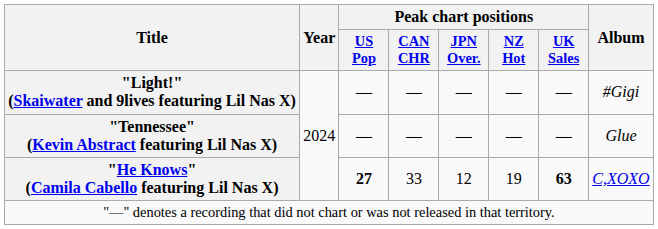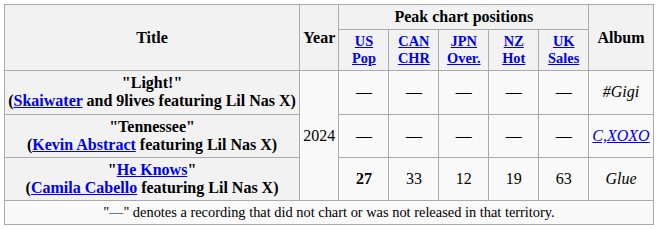 <table class="wikitable plainrowheaders" style="text-align:center">
 <tr>
 <th scope="col" rowspan="2">Title</th>
 <th scope="col" rowspan="2">Year</th>
 <th scope="col" colspan="5">Peak chart positions</th>
 <th scope="col" rowspan="2">Album</th>
 </tr>
 <tr>
 <th scope="col" style="width:3em;font-size:90%;"><a href='#'>US<br>Pop</a><br></th>
 <th scope="col" style="width:3em;font-size:90%;"><a href='#'>CAN<br>CHR</a><br></th>
 <th scope="col" style="width:3em;font-size:90%;"><a href='#'>JPN<br>Over.</a><br></th>
 <th scope="col" style="width:3em;font-size:90%;"><a href='#'>NZ<br>Hot</a><br></th>
 <th scope="col" style="width:3em;font-size:90%;"><a href='#'>UK<br>Sales</a><br></th>
 </tr>
 <tr>
 <th scope="row">"Light!"<br><span>(<a href='#'>Skaiwater</a> and 9lives featuring Lil Nas X)</span></th>
 <td rowspan="3">2024</td>
 <td>—</td>
 <td>—</td>
 <td>—</td>
 <td>—</td>
 <td>—</td>
 <td><em>#Gigi</em></td>
 </tr>
 <tr>
 <th scope="row">"Tennessee"<br><span>(<a href='#'>Kevin Abstract</a> featuring Lil Nas X)</span></th>
 <td>—</td>
 <td>—</td>
 <td>—</td>
 <td>—</td>
 <td>—</td>
-<td><em>Glue</em></td>
+<td><em><a href='#'>C,XOXO</a></em></td>
 </tr>
 <tr>
 <th scope="row">"<a href='#'>He Knows</a>"<br><span>(<a href='#'>Camila Cabello</a> featuring Lil Nas X)</span></th>
 <td><strong>27</strong></td>
 <td>33</td>
 <td>12</td>
 <td>19</td>
-<td><strong>63</strong></td>
-<td><em><a href='#'>C,XOXO</a></em></td>
+<td>63</td>
+<td><em>Glue</em></td>
 </tr>
 <tr>
 <td colspan="12" style="font-size:90%">"—" denotes a recording that did not chart or was not released in that territory.</td>
 </tr>
 </table>
